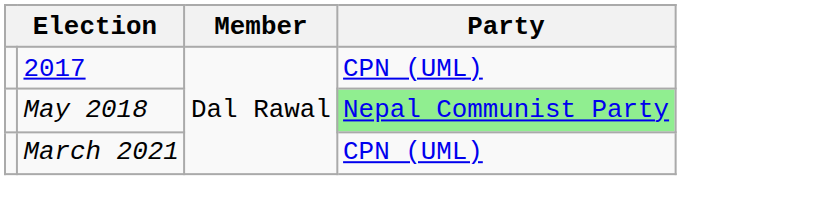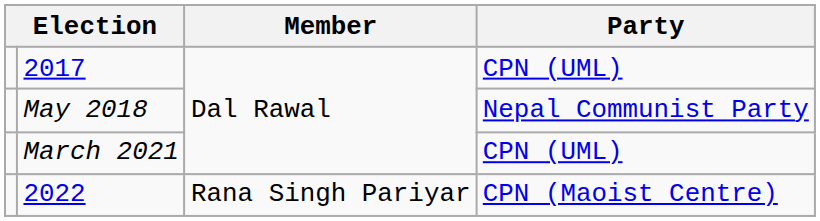 <table class="wikitable">
 <tr>
 <th colspan="2">Election</th>
 <th>Member</th>
 <th>Party</th>
 </tr>
 <tr>
 <td style="color:inherit;background:"></td>
 <td><a href='#'>2017</a></td>
 <td rowspan="3">Dal Rawal</td>
 <td><a href='#'>CPN (UML)</a></td>
 </tr>
 <tr>
 <td style="color:inherit;background:"></td>
 <td><em>May 2018</em></td>
-<td style="background: lightgreen;"><a href='#'>Nepal Communist Party</a></td>
+<td><a href='#'>Nepal Communist Party</a></td>
 </tr>
 <tr>
 <td style="color:inherit;background:"></td>
 <td><em>March 2021</em></td>
 <td><a href='#'>CPN (UML)</a></td>
 </tr>
+<tr>
+<td style="color:inherit;background:"></td>
+<td><a href='#'>2022</a></td>
+<td>Rana Singh Pariyar</td>
+<td><a href='#'>CPN (Maoist Centre)</a></td>
+</tr>
 </table>
